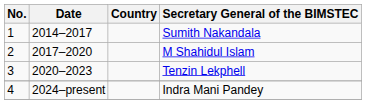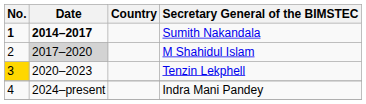 <table class="wikitable">
 <tr>
 <th>No.</th>
 <th>Date</th>
 <th>Country</th>
 <th>Secretary General of the BIMSTEC</th>
 </tr>
 <tr>
-<td>1</td>
-<td>2014–2017</td>
+<td><strong>1</strong></td>
+<td><strong>2014–2017</strong></td>
 <td></td>
 <td><a href='#'>Sumith Nakandala</a></td>
 </tr>
 <tr>
 <td>2</td>
-<td>2017–2020</td>
+<td style="background: lightgrey;">2017–2020</td>
 <td></td>
 <td><a href='#'>M Shahidul Islam</a></td>
 </tr>
 <tr>
-<td>3</td>
+<td style="background: gold;">3</td>
 <td>2020–2023</td>
 <td></td>
 <td><a href='#'>Tenzin Lekphell</a></td>
 </tr>
 <tr>
 </tr>
 <tr>
 <td>4</td>
 <td>2024–present</td>
 <td></td>
 <td>Indra Mani Pandey</td>
 </tr>
 <tr>
 </tr>
 </table>
